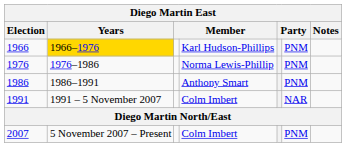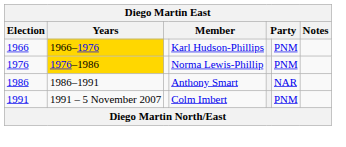 <table class="wikitable sortable">
 <tr>
 <th colspan="7">Diego Martin East</th>
 </tr>
 <tr>
 <th>Election</th>
 <th>Years</th>
 <th colspan="2">Member</th>
 <th colspan="2">Party</th>
 <th>Notes</th>
 </tr>
 <tr>
 <td><a href='#'>1966</a></td>
 <td style="background: gold;">1966–<a href='#'>1976</a></td>
 <td></td>
 <td><a href='#'>Karl Hudson-Phillips</a></td>
 <th style="background-color: "></th>
 <td><a href='#'>PNM</a></td>
 <td></td>
 </tr>
 <tr>
 <td><a href='#'>1976</a></td>
-<td><a href='#'>1976</a>–1986</td>
+<td style="background: gold;"><a href='#'>1976</a>–1986</td>
 <td></td>
 <td><a href='#'>Norma Lewis-Phillip</a></td>
 <th style="background-color: "></th>
 <td><a href='#'>PNM</a></td>
 <td></td>
 </tr>
 <tr>
 <td><a href='#'>1986</a></td>
 <td>1986–1991</td>
 <td></td>
 <td><a href='#'>Anthony Smart</a></td>
 <th style="background-color: "></th>
-<td><a href='#'>PNM</a></td>
+<td><a href='#'>NAR</a></td>
 <td></td>
 </tr>
 <tr>
 <td><a href='#'>1991</a></td>
 <td>1991 – 5 November 2007</td>
 <td></td>
 <td><a href='#'>Colm Imbert</a></td>
 <th style="background-color: "></th>
-<td><a href='#'>NAR</a></td>
+<td><a href='#'>PNM</a></td>
 <td></td>
 </tr>
 <tr>
 <th colspan="7">Diego Martin North/East</th>
 </tr>
-<tr>
-<td><a href='#'>2007</a></td>
-<td>5 November 2007 – Present</td>
-<td></td>
-<td><a href='#'>Colm Imbert</a></td>
-<th style="background-color: "></th>
-<td><a href='#'>PNM</a></td>
-<td></td>
-</tr>
 </table>
